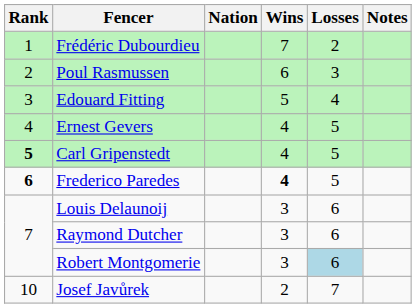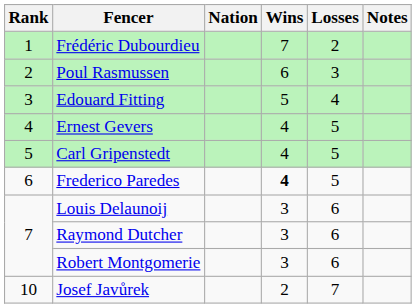 <table class="wikitable sortable" style="text-align:center">
 <tr>
 <th>Rank</th>
 <th>Fencer</th>
 <th>Nation</th>
 <th>Wins</th>
 <th>Losses</th>
 <th>Notes</th>
 </tr>
 <tr bgcolor=bbf3bb>
 <td>1</td>
 <td align=left><a href='#'>Frédéric Dubourdieu</a></td>
 <td align=left></td>
 <td>7</td>
 <td>2</td>
 <td></td>
 </tr>
 <tr bgcolor=bbf3bb>
 <td>2</td>
 <td align=left><a href='#'>Poul Rasmussen</a></td>
 <td align=left></td>
 <td>6</td>
 <td>3</td>
 <td></td>
 </tr>
 <tr bgcolor=bbf3bb>
 <td>3</td>
 <td align=left><a href='#'>Edouard Fitting</a></td>
 <td align=left></td>
 <td>5</td>
 <td>4</td>
 <td></td>
 </tr>
 <tr bgcolor=bbf3bb>
 <td>4</td>
 <td align=left><a href='#'>Ernest Gevers</a></td>
 <td align=left></td>
 <td>4</td>
 <td>5</td>
 <td></td>
 </tr>
 <tr bgcolor=bbf3bb>
-<td><strong>5</strong></td>
+<td>5</td>
 <td align=left><a href='#'>Carl Gripenstedt</a></td>
 <td align=left></td>
 <td>4</td>
 <td>5</td>
 <td></td>
 </tr>
 <tr>
-<td><strong>6</strong></td>
+<td>6</td>
 <td align=left><a href='#'>Frederico Paredes</a></td>
 <td align=left></td>
 <td><strong>4</strong></td>
 <td>5</td>
 <td></td>
 </tr>
 <tr>
 <td rowspan=3>7</td>
 <td align=left><a href='#'>Louis Delaunoij</a></td>
 <td align=left></td>
 <td>3</td>
 <td>6</td>
 <td></td>
 </tr>
 <tr>
 <td align=left><a href='#'>Raymond Dutcher</a></td>
 <td align=left></td>
 <td>3</td>
 <td>6</td>
 <td></td>
 </tr>
 <tr>
 <td align=left><a href='#'>Robert Montgomerie</a></td>
 <td align=left></td>
 <td>3</td>
-<td style="background: lightblue;">6</td>
+<td>6</td>
 <td></td>
 </tr>
 <tr>
 <td>10</td>
 <td align=left><a href='#'>Josef Javůrek</a></td>
 <td align=left></td>
 <td>2</td>
 <td>7</td>
 <td></td>
 </tr>
 </table>
